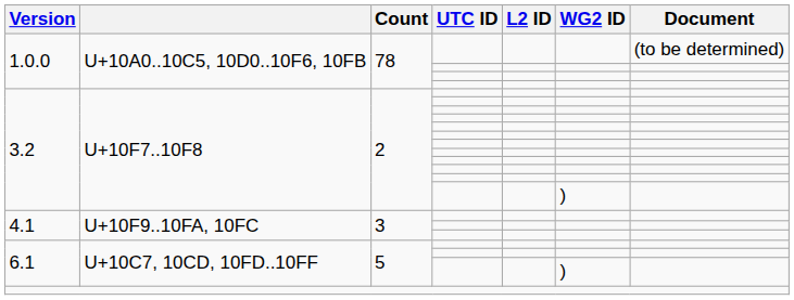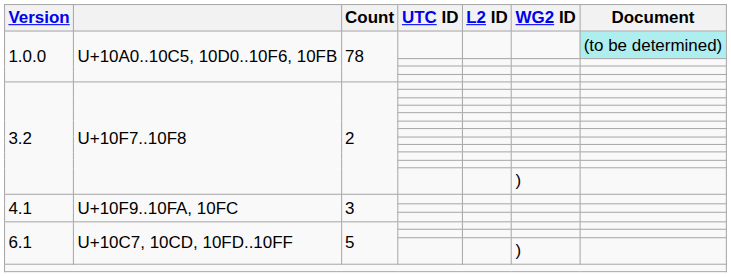 <table class="wikitable collapsible sticky-header">
 <tr>
 <th><a href='#'>Version</a></th>
 <th></th>
 <th>Count</th>
 <th><a href='#'>UTC</a> ID</th>
 <th><a href='#'>L2</a> ID</th>
 <th><a href='#'>WG2</a> ID</th>
 <th>Document</th>
 </tr>
 <tr>
 <td rowspan="4">1.0.0</td>
 <td rowspan="4">U+10A0..10C5, 10D0..10F6, 10FB</td>
 <td rowspan="4">78</td>
 <td></td>
 <td></td>
 <td></td>
-<td>(to be determined)</td>
+<td style="background: paleturquoise;">(to be determined)</td>
 </tr>
 <tr>
 <td></td>
 <td></td>
 <td></td>
 <td></td>
 </tr>
 <tr>
 <td></td>
 <td></td>
 <td></td>
 <td></td>
 </tr>
 <tr>
 <td></td>
 <td></td>
 <td></td>
 <td></td>
 </tr>
 <tr>
 <td rowspan="12">3.2</td>
 <td rowspan="12">U+10F7..10F8</td>
 <td rowspan="12">2</td>
 <td></td>
 <td></td>
 <td></td>
 <td></td>
 </tr>
 <tr>
 <td></td>
 <td></td>
 <td></td>
 <td></td>
 </tr>
 <tr>
 <td></td>
 <td></td>
 <td></td>
 <td></td>
 </tr>
 <tr>
 <td></td>
 <td></td>
 <td></td>
 <td></td>
 </tr>
 <tr>
 <td></td>
 <td></td>
 <td></td>
 <td></td>
 </tr>
 <tr>
 <td></td>
 <td></td>
 <td></td>
 <td></td>
 </tr>
 <tr>
 <td></td>
 <td></td>
 <td></td>
 <td></td>
 </tr>
 <tr>
 <td></td>
 <td></td>
 <td></td>
 <td></td>
 </tr>
 <tr>
 <td></td>
 <td></td>
 <td></td>
 <td></td>
 </tr>
 <tr>
 <td></td>
 <td></td>
 <td></td>
 <td></td>
 </tr>
 <tr>
 <td></td>
 <td></td>
 <td></td>
 <td></td>
 </tr>
 <tr>
 <td></td>
 <td></td>
 <td> )</td>
 <td></td>
 </tr>
 <tr>
 <td rowspan="3">4.1</td>
 <td rowspan="3">U+10F9..10FA, 10FC</td>
 <td rowspan="3">3</td>
 <td></td>
 <td></td>
 <td></td>
 <td></td>
 </tr>
 <tr>
 <td></td>
 <td></td>
 <td></td>
 <td></td>
 </tr>
 <tr>
 <td></td>
 <td></td>
 <td></td>
 <td></td>
 </tr>
 <tr>
 <td rowspan="3">6.1</td>
 <td rowspan="3">U+10C7, 10CD, 10FD..10FF</td>
 <td rowspan="3">5</td>
 <td></td>
 <td></td>
 <td></td>
 <td></td>
 </tr>
 <tr>
 <td></td>
 <td></td>
 <td></td>
 <td></td>
 </tr>
 <tr>
 <td></td>
 <td></td>
 <td> )</td>
 <td></td>
 </tr>
 <tr class="sortbottom">
 <td colspan="7"></td>
 </tr>
 </table>
